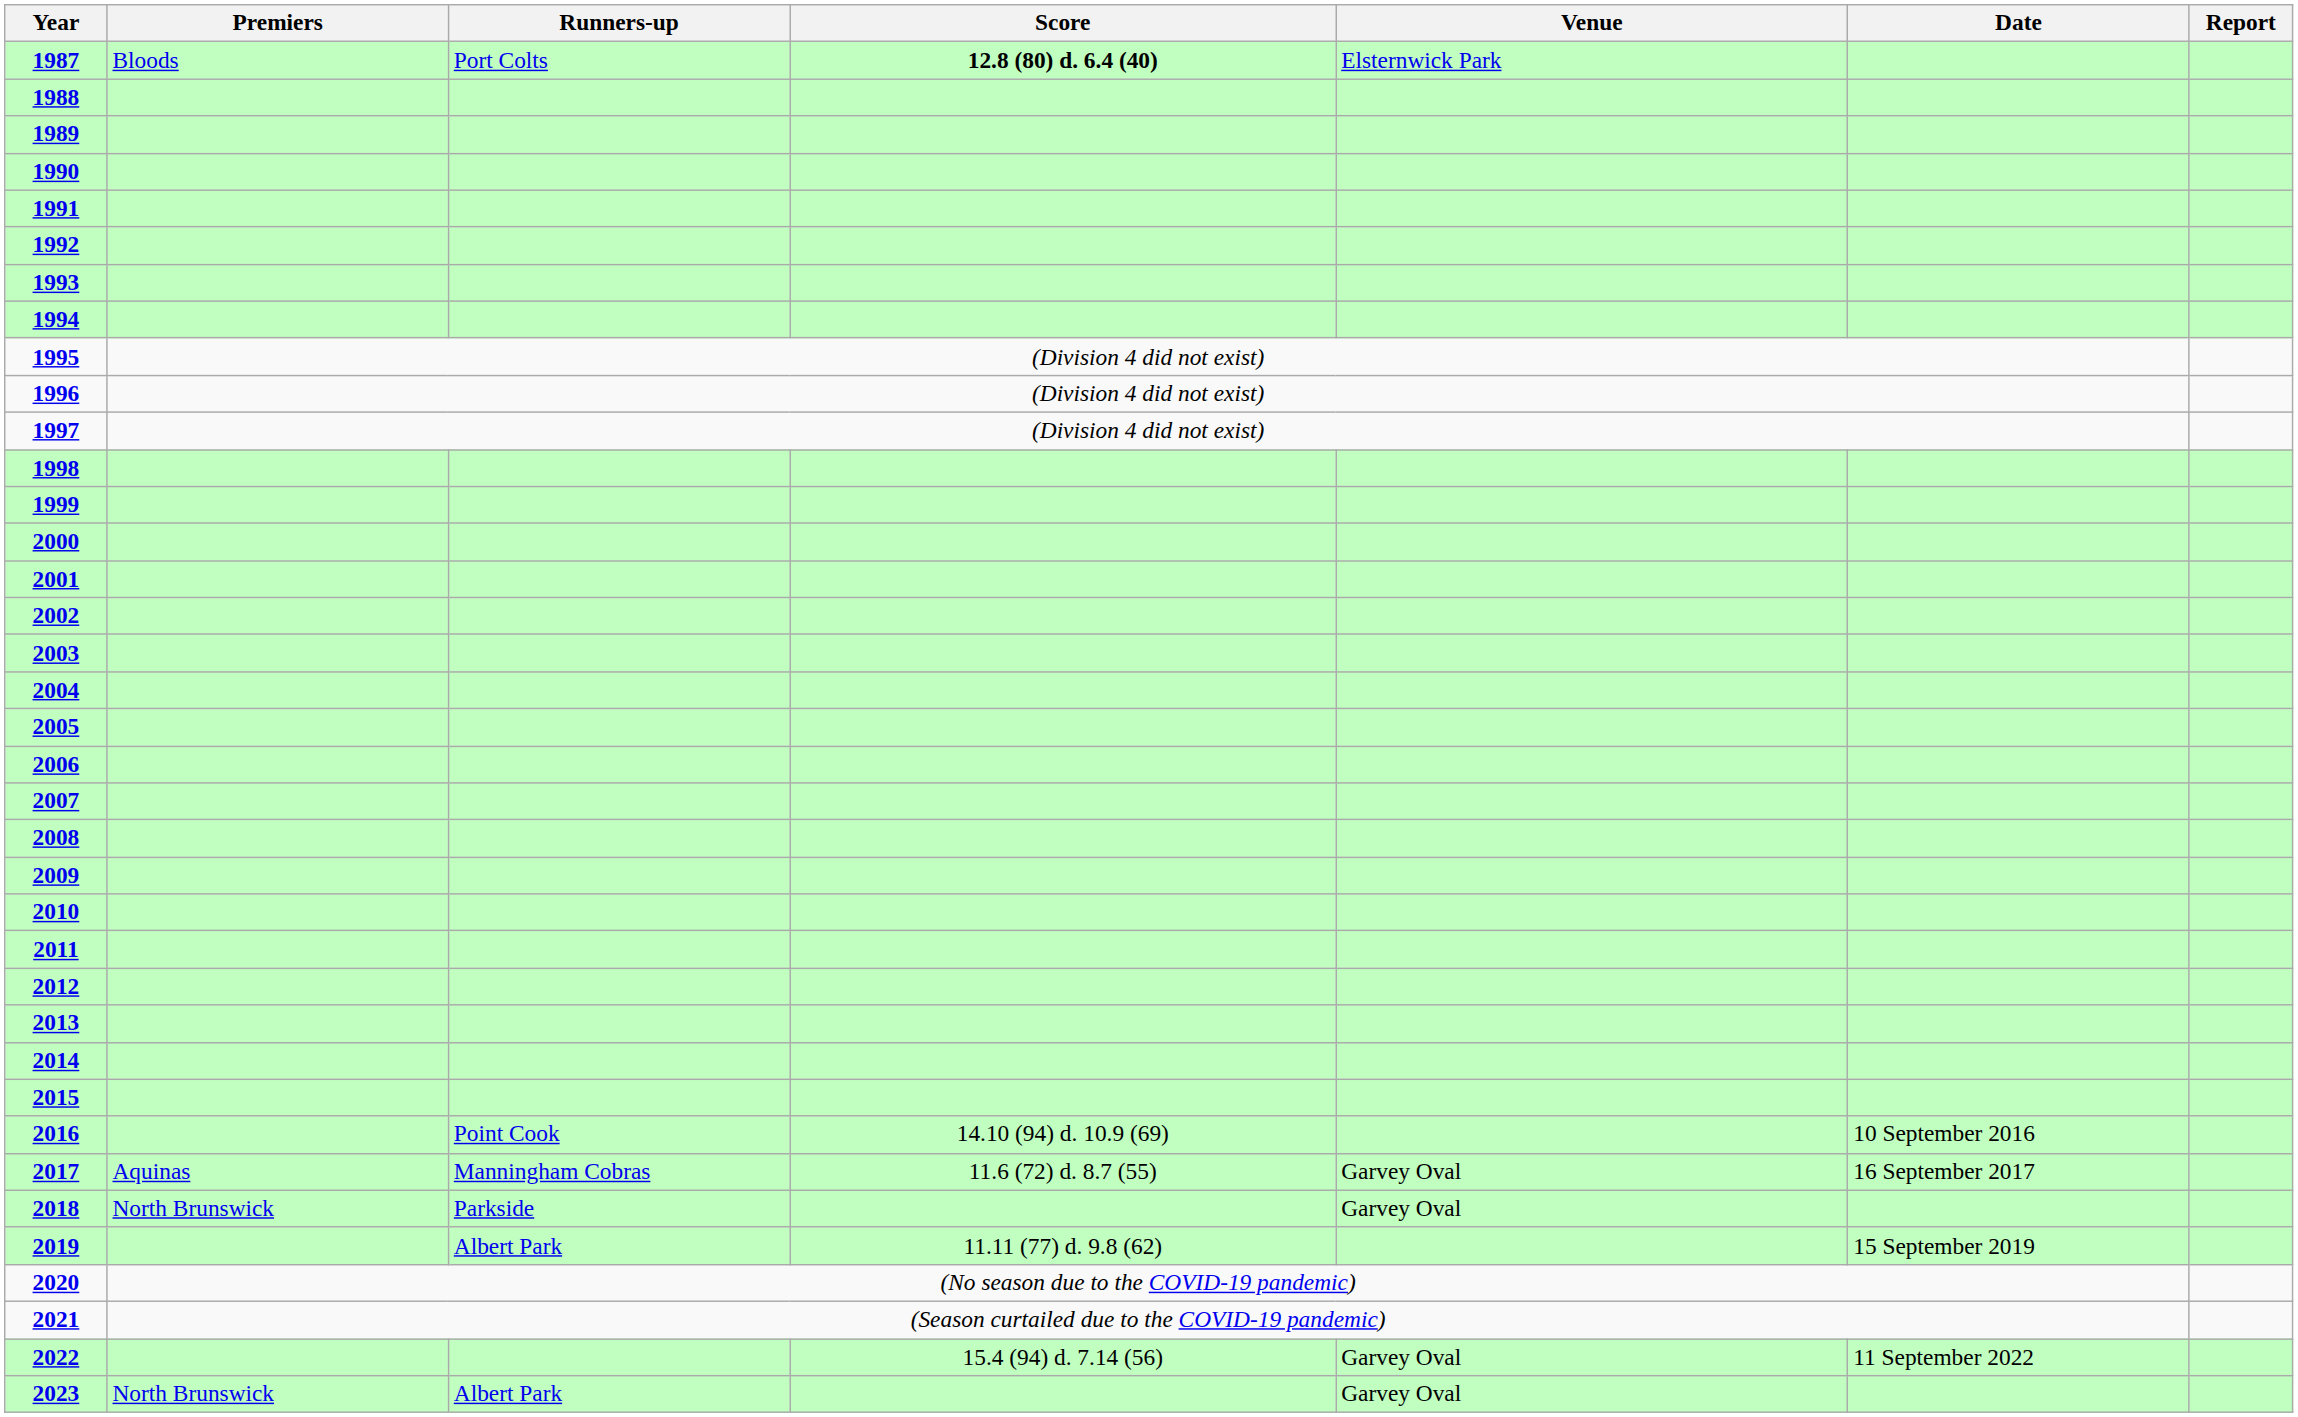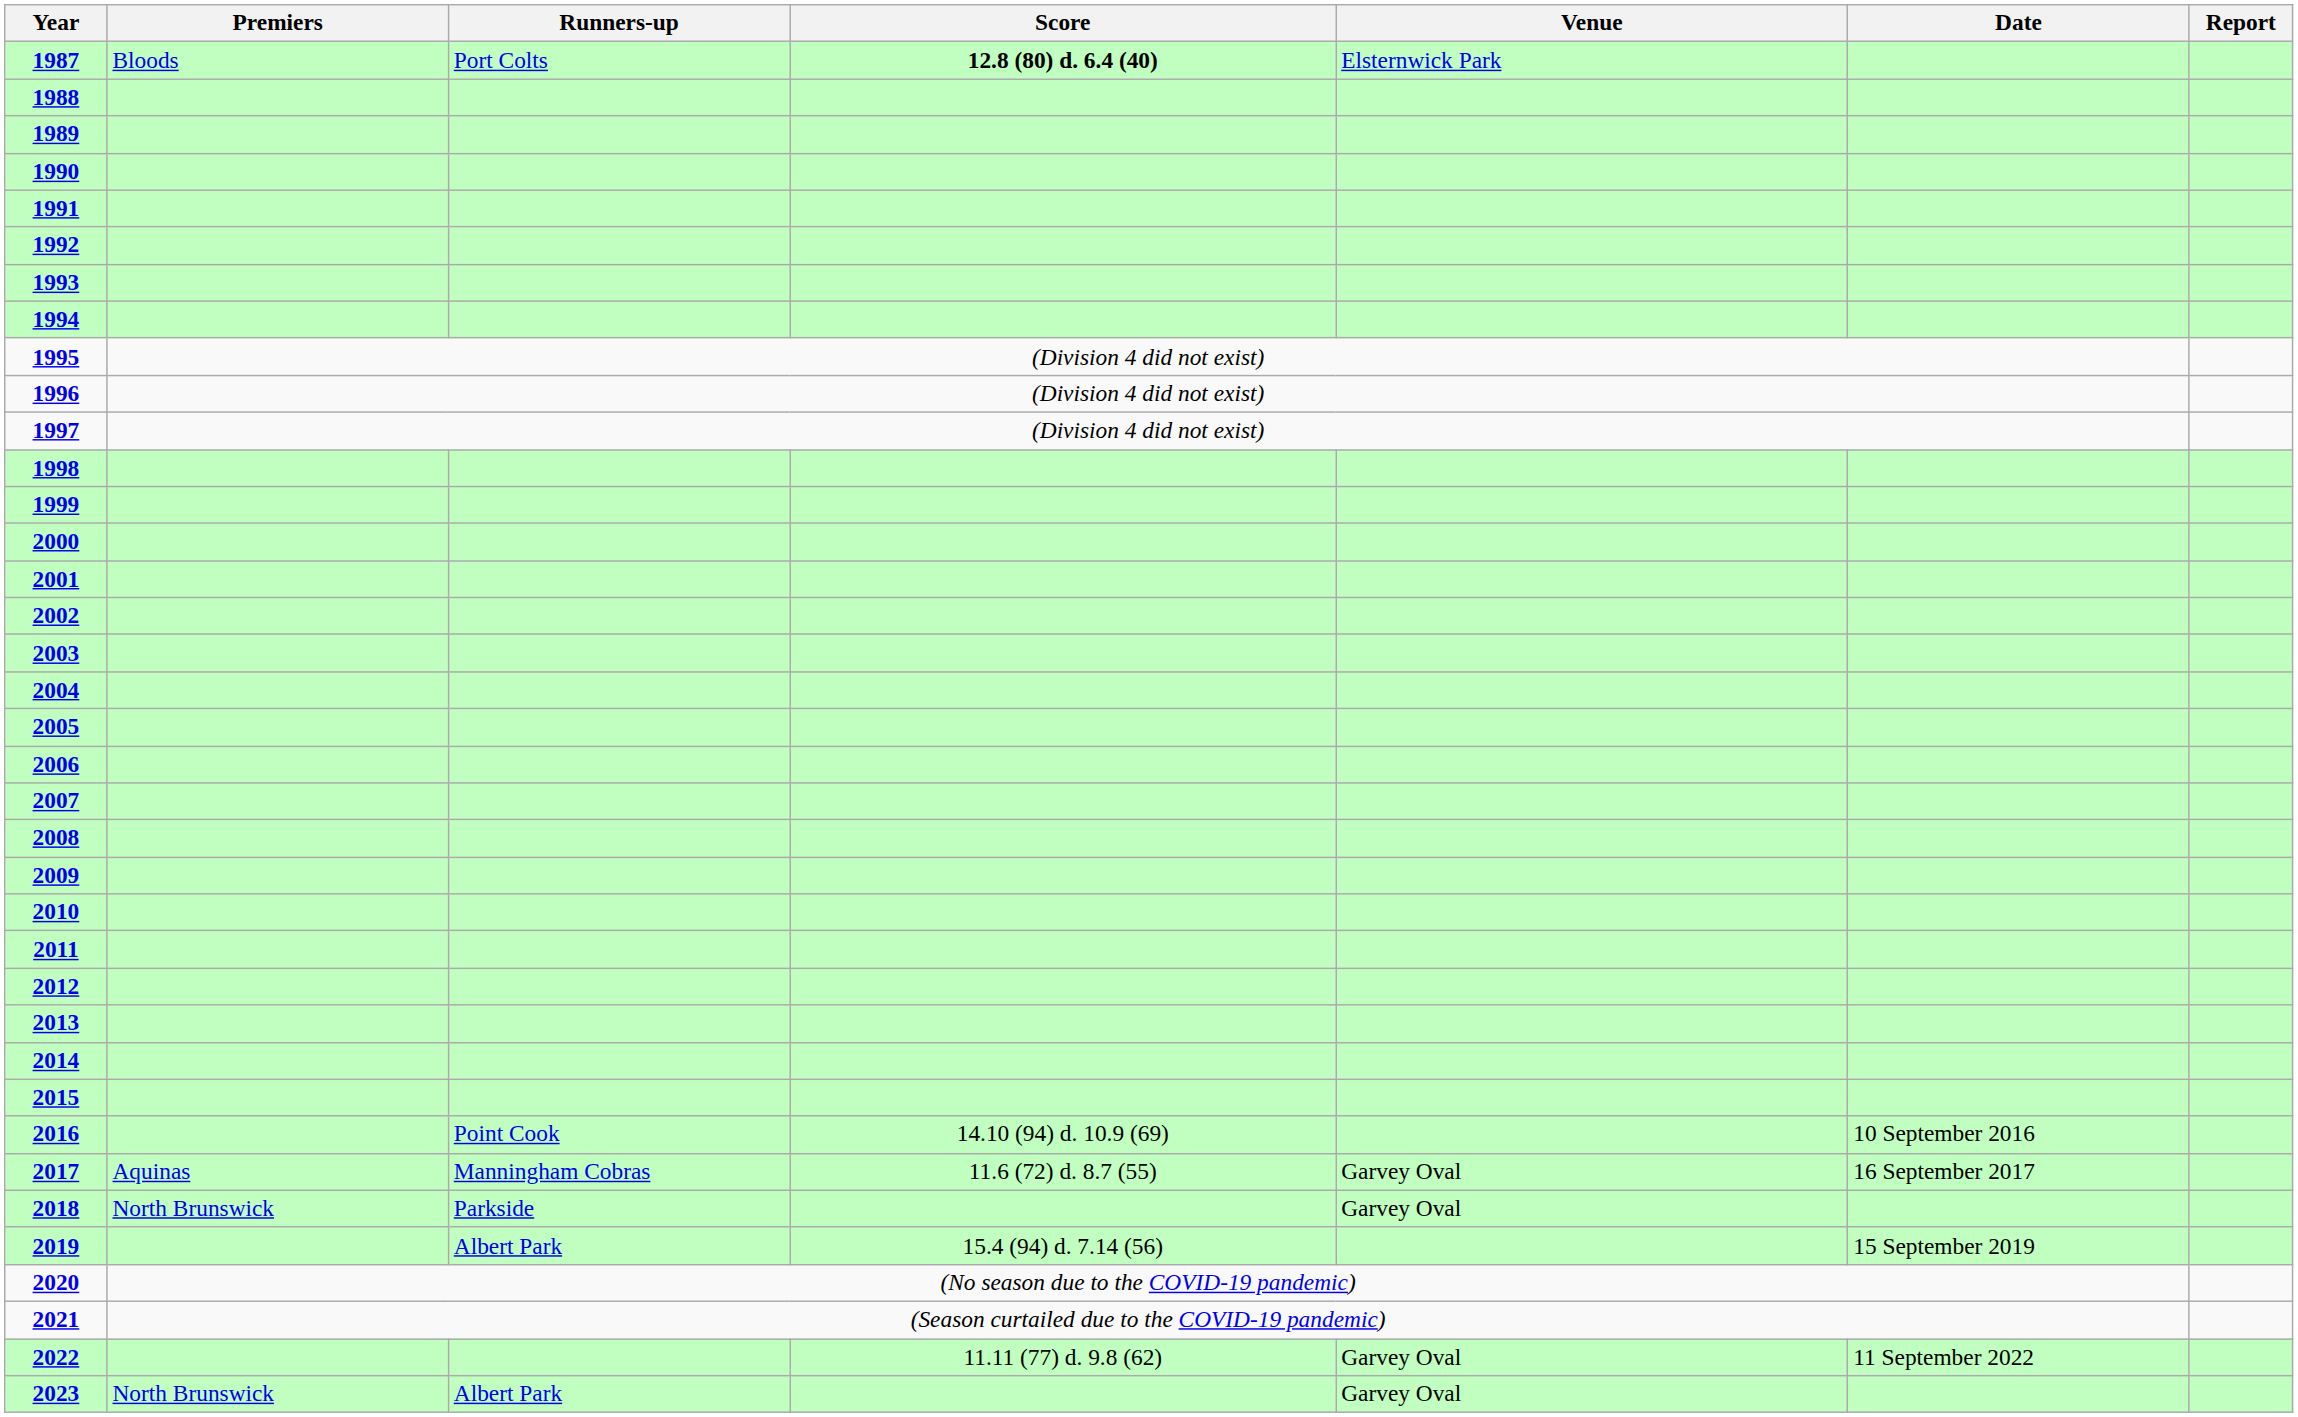 <table class="wikitable sortable" style="text-align:left; text-valign:center">
 <tr>
 <th width=3%>Year</th>
 <th width=10%>Premiers</th>
 <th width=10%>Runners-up</th>
 <th width=16%>Score</th>
 <th width=15%>Venue</th>
 <th width=10%; class=unsortable>Date</th>
 <th width=2%; class=unsortable>Report</th>
 </tr>
 <tr style="background:#C0FFC0;">
 <td align="center"><strong><a href='#'>1987</a></strong></td>
 <td><a href='#'>Bloods</a> </td>
 <td><a href='#'>Port Colts</a></td>
 <td align=center><strong>12.8 (80) d. 6.4 (40)</strong></td>
 <td><a href='#'>Elsternwick Park</a></td>
 <td></td>
 <td align=center></td>
 </tr>
 <tr style="background:#C0FFC0;">
 <td align="center"><strong><a href='#'>1988</a></strong></td>
 <td></td>
 <td></td>
 <td align=center></td>
 <td></td>
 <td></td>
 <td align=center></td>
 </tr>
 <tr style="background:#C0FFC0;">
 <td align="center"><strong><a href='#'>1989</a></strong></td>
 <td></td>
 <td></td>
 <td align=center></td>
 <td></td>
 <td></td>
 <td align=center></td>
 </tr>
 <tr style="background:#C0FFC0;">
 <td align="center"><strong><a href='#'>1990</a></strong></td>
 <td></td>
 <td></td>
 <td align=center></td>
 <td></td>
 <td></td>
 <td align=center></td>
 </tr>
 <tr style="background:#C0FFC0;">
 <td align="center"><strong><a href='#'>1991</a></strong></td>
 <td></td>
 <td></td>
 <td align=center></td>
 <td></td>
 <td></td>
 <td align=center></td>
 </tr>
 <tr style="background:#C0FFC0;">
 <td align="center"><strong><a href='#'>1992</a></strong></td>
 <td></td>
 <td></td>
 <td align=center></td>
 <td></td>
 <td></td>
 <td align=center></td>
 </tr>
 <tr style="background:#C0FFC0;">
 <td align="center"><strong><a href='#'>1993</a></strong></td>
 <td></td>
 <td></td>
 <td align=center></td>
 <td></td>
 <td></td>
 <td align=center></td>
 </tr>
 <tr style="background:#C0FFC0;">
 <td align="center"><strong><a href='#'>1994</a></strong></td>
 <td></td>
 <td></td>
 <td align=center></td>
 <td></td>
 <td></td>
 <td align=center></td>
 </tr>
 <tr>
 <td align="center"><strong><a href='#'>1995</a></strong></td>
 <td colspan="5"; align="center"><em>(Division 4 did not exist)</em></td>
 <td align=center></td>
 </tr>
 <tr>
 <td align="center"><strong><a href='#'>1996</a></strong></td>
 <td colspan="5"; align="center"><em>(Division 4 did not exist)</em></td>
 <td align=center></td>
 </tr>
 <tr>
 <td align="center"><strong><a href='#'>1997</a></strong></td>
 <td colspan="5"; align="center"><em>(Division 4 did not exist)</em></td>
 <td align=center></td>
 </tr>
 <tr style="background:#C0FFC0;">
 <td align="center"><strong><a href='#'>1998</a></strong></td>
 <td></td>
 <td></td>
 <td align=center></td>
 <td></td>
 <td></td>
 <td align=center></td>
 </tr>
 <tr style="background:#C0FFC0;">
 <td align="center"><strong><a href='#'>1999</a></strong></td>
 <td></td>
 <td></td>
 <td align=center></td>
 <td></td>
 <td></td>
 <td align=center></td>
 </tr>
 <tr style="background:#C0FFC0;">
 <td align=center><strong><a href='#'>2000</a></strong></td>
 <td></td>
 <td></td>
 <td align=center></td>
 <td></td>
 <td></td>
 <td align=center></td>
 </tr>
 <tr style="background:#C0FFC0;">
 <td align=center><strong><a href='#'>2001</a></strong></td>
 <td></td>
 <td></td>
 <td align=center></td>
 <td></td>
 <td></td>
 <td align=center></td>
 </tr>
 <tr style="background:#C0FFC0;">
 <td align=center><strong><a href='#'>2002</a></strong></td>
 <td></td>
 <td></td>
 <td align=center></td>
 <td></td>
 <td></td>
 <td align=center></td>
 </tr>
 <tr style="background:#C0FFC0;">
 <td align=center><strong><a href='#'>2003</a></strong></td>
 <td></td>
 <td></td>
 <td align=center></td>
 <td></td>
 <td></td>
 <td align=center></td>
 </tr>
 <tr style="background:#C0FFC0;">
 <td align=center><strong><a href='#'>2004</a></strong></td>
 <td></td>
 <td></td>
 <td align=center></td>
 <td></td>
 <td></td>
 <td align=center></td>
 </tr>
 <tr style="background:#C0FFC0;">
 <td align=center><strong><a href='#'>2005</a></strong></td>
 <td></td>
 <td></td>
 <td align=center></td>
 <td></td>
 <td></td>
 <td align=center></td>
 </tr>
 <tr style="background:#C0FFC0;">
 <td align=center><strong><a href='#'>2006</a></strong></td>
 <td></td>
 <td></td>
 <td align=center></td>
 <td></td>
 <td></td>
 <td align=center></td>
 </tr>
 <tr style="background:#C0FFC0;">
 <td align=center><strong><a href='#'>2007</a></strong></td>
 <td></td>
 <td></td>
 <td align=center></td>
 <td></td>
 <td></td>
 <td align=center></td>
 </tr>
 <tr style="background:#C0FFC0;">
 <td align=center><strong><a href='#'>2008</a></strong></td>
 <td></td>
 <td></td>
 <td align=center></td>
 <td></td>
 <td></td>
 <td align=center></td>
 </tr>
 <tr style="background:#C0FFC0;">
 <td align=center><strong><a href='#'>2009</a></strong></td>
 <td></td>
 <td></td>
 <td align=center></td>
 <td></td>
 <td></td>
 <td align=center></td>
 </tr>
 <tr style="background:#C0FFC0;">
 <td align=center><strong><a href='#'>2010</a></strong></td>
 <td></td>
 <td></td>
 <td align=center></td>
 <td></td>
 <td></td>
 <td align=center></td>
 </tr>
 <tr style="background:#C0FFC0;">
 <td align=center><strong><a href='#'>2011</a></strong></td>
 <td></td>
 <td></td>
 <td align=center></td>
 <td></td>
 <td></td>
 <td align=center></td>
 </tr>
 <tr style="background:#C0FFC0;">
 <td align=center><strong><a href='#'>2012</a></strong></td>
 <td></td>
 <td></td>
 <td align=center></td>
 <td></td>
 <td></td>
 <td align=center></td>
 </tr>
 <tr style="background:#C0FFC0;">
 <td align=center><strong><a href='#'>2013</a></strong></td>
 <td></td>
 <td></td>
 <td align=center></td>
 <td></td>
 <td></td>
 <td align=center></td>
 </tr>
 <tr style="background:#C0FFC0;">
 <td align=center><strong><a href='#'>2014</a></strong></td>
 <td></td>
 <td></td>
 <td align=center></td>
 <td></td>
 <td></td>
 <td align=center></td>
 </tr>
 <tr style="background:#C0FFC0;">
 <td align=center><strong><a href='#'>2015</a></strong></td>
 <td></td>
 <td></td>
 <td align=center></td>
 <td></td>
 <td></td>
 <td align=center></td>
 </tr>
 <tr style="background:#C0FFC0;">
 <td align=center><strong><a href='#'>2016</a></strong></td>
 <td></td>
 <td><a href='#'>Point Cook</a></td>
 <td align=center>14.10 (94) d. 10.9 (69)</td>
 <td></td>
 <td>10 September 2016</td>
 <td align=center></td>
 </tr>
 <tr style="background:#C0FFC0;">
 <td align=center><strong><a href='#'>2017</a></strong></td>
 <td><a href='#'>Aquinas</a></td>
 <td><a href='#'>Manningham Cobras</a></td>
 <td align=center>11.6 (72) d. 8.7 (55)</td>
 <td>Garvey Oval</td>
 <td>16 September 2017</td>
 <td align=center></td>
 </tr>
 <tr style="background:#C0FFC0;">
 <td align=center><strong><a href='#'>2018</a></strong></td>
 <td><a href='#'>North Brunswick</a></td>
 <td><a href='#'>Parkside</a></td>
 <td align=center></td>
 <td>Garvey Oval</td>
 <td></td>
 <td align=center></td>
 </tr>
 <tr style="background:#C0FFC0;">
 <td align=center><strong><a href='#'>2019</a></strong></td>
 <td></td>
 <td><a href='#'>Albert Park</a></td>
-<td align=center>11.11 (77) d. 9.8 (62)</td>
+<td align=center>15.4 (94) d. 7.14 (56)</td>
 <td></td>
 <td>15 September 2019</td>
 <td align=center></td>
 </tr>
 <tr>
 <td align=center><strong><a href='#'>2020</a></strong></td>
 <td colspan="5"; align="center"><em>(No season due to the <a href='#'>COVID-19 pandemic</a>)</em></td>
 <td align=center></td>
 </tr>
 <tr>
 <td align=center><strong><a href='#'>2021</a></strong></td>
 <td colspan="5"; align="center"><em>(Season curtailed due to the <a href='#'>COVID-19 pandemic</a>)</em></td>
 <td align=center></td>
 </tr>
 <tr style="background:#C0FFC0;">
 <td align=center><strong><a href='#'>2022</a></strong></td>
 <td></td>
 <td></td>
-<td align=center>15.4 (94) d. 7.14 (56)</td>
+<td align=center>11.11 (77) d. 9.8 (62)</td>
 <td>Garvey Oval</td>
 <td>11 September 2022</td>
 <td align=center></td>
 </tr>
 <tr style="background:#C0FFC0;">
 <td align=center><strong><a href='#'>2023</a></strong></td>
 <td><a href='#'>North Brunswick</a></td>
 <td><a href='#'>Albert Park</a></td>
 <td align=center></td>
 <td>Garvey Oval</td>
 <td></td>
 <td align=center></td>
 </tr>
 </table>
